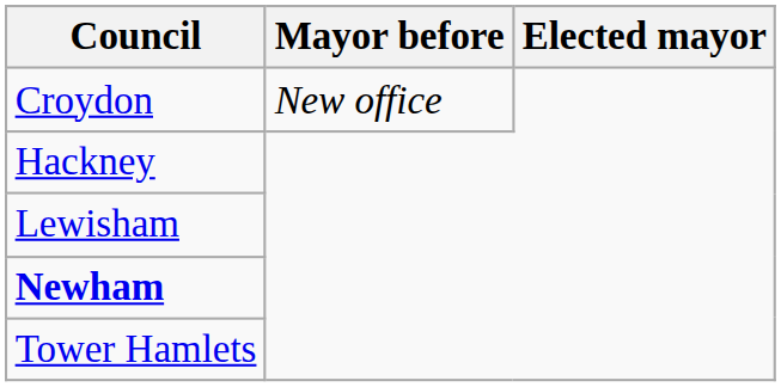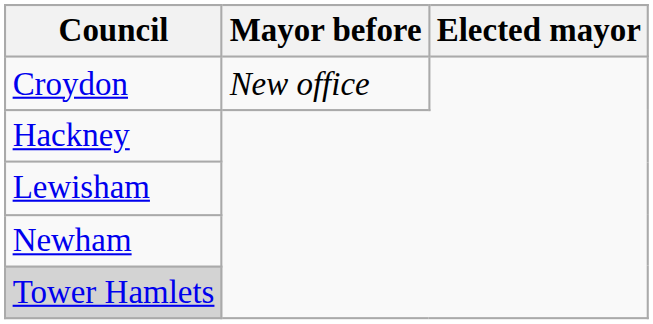 <table class="wikitable">
 <tr>
 <th scope="col">Council</th>
 <th colspan="2">Mayor before</th>
 <th colspan="2">Elected mayor</th>
 </tr>
 <tr>
 <td><a href='#'>Croydon</a></td>
 <td colspan="2"><em>New office</em><br></td>
 </tr>
 <tr>
 <td><a href='#'>Hackney</a><br> </td>
 </tr>
 <tr>
 <td><a href='#'>Lewisham</a><br> </td>
 </tr>
 <tr>
-<td><strong><a href='#'>Newham</a><br> </strong></td>
+<td><a href='#'>Newham</a><br> </td>
 </tr>
 <tr>
-<td><a href='#'>Tower Hamlets</a><br> </td>
+<td style="background: lightgrey;"><a href='#'>Tower Hamlets</a><br> </td>
 </tr>
 </table>
